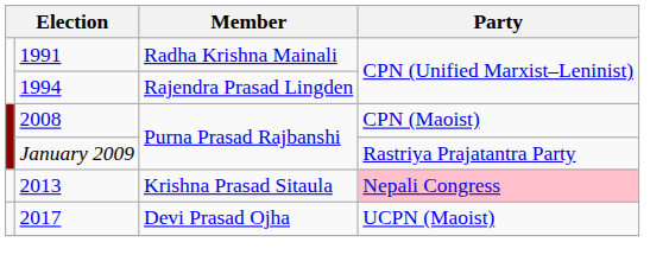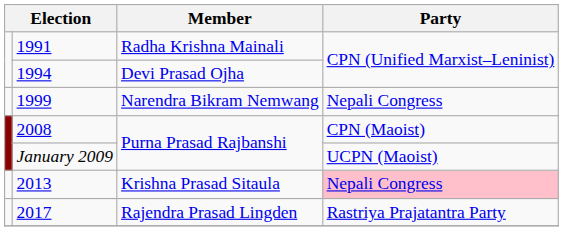 <table class="wikitable">
 <tr>
 <th colspan="2">Election</th>
 <th>Member</th>
 <th>Party</th>
 </tr>
 <tr>
 <td rowspan="2" style="background-color:"></td>
 <td><a href='#'>1991</a></td>
 <td><a href='#'>Radha Krishna Mainali</a></td>
 <td rowspan="2"><a href='#'>CPN (Unified Marxist–Leninist)</a></td>
 </tr>
 <tr>
 <td><a href='#'>1994</a></td>
-<td><a href='#'>Rajendra Prasad Lingden</a></td>
+<td><a href='#'>Devi Prasad Ojha</a></td>
+</tr>
+<tr>
+<td style="background-color:"></td>
+<td><a href='#'>1999</a></td>
+<td><a href='#'>Narendra Bikram Nemwang</a></td>
+<td><a href='#'>Nepali Congress</a></td>
 </tr>
 <tr>
 <td rowspan="2" style="background-color:darkred"></td>
 <td><a href='#'>2008</a></td>
 <td rowspan="2"><a href='#'>Purna Prasad Rajbanshi</a></td>
 <td><a href='#'>CPN (Maoist)</a></td>
 </tr>
 <tr>
 <td><em>January 2009</em></td>
-<td><a href='#'>Rastriya Prajatantra Party</a></td>
+<td><a href='#'>UCPN (Maoist)</a></td>
 </tr>
 <tr>
 <td style="background-color:"></td>
 <td><a href='#'>2013</a></td>
 <td><a href='#'>Krishna Prasad Sitaula</a></td>
 <td style="background: pink;"><a href='#'>Nepali Congress</a></td>
 </tr>
 <tr>
 <td style="background-color:"></td>
 <td><a href='#'>2017</a></td>
-<td><a href='#'>Devi Prasad Ojha</a></td>
-<td><a href='#'>UCPN (Maoist)</a></td>
+<td><a href='#'>Rajendra Prasad Lingden</a></td>
+<td><a href='#'>Rastriya Prajatantra Party</a></td>
 </tr>
 <tr>
 </tr>
 </table>
